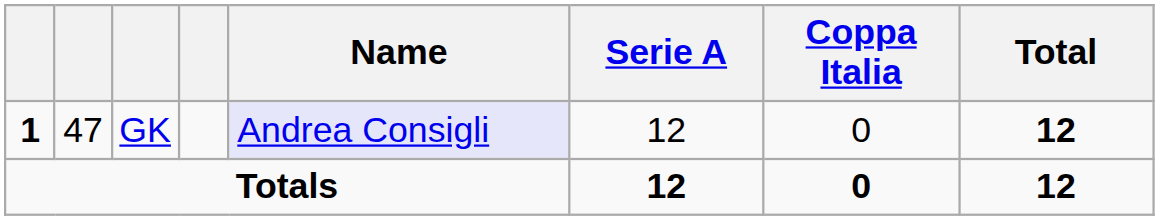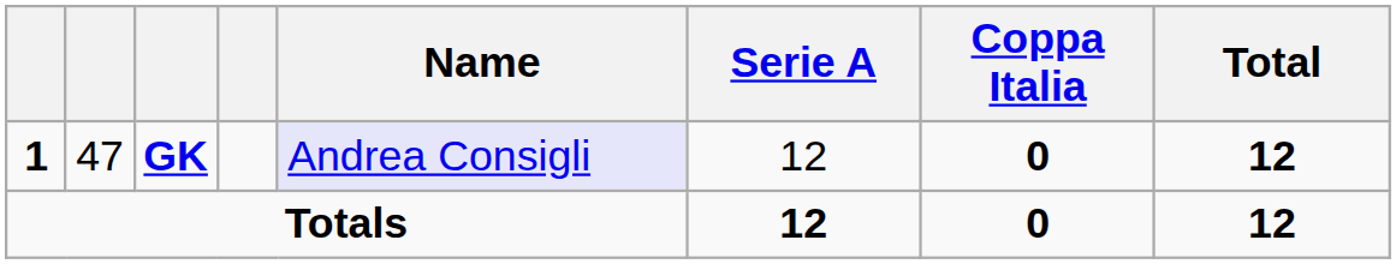 <table class="wikitable" style="text-align:center">
 <tr>
 <th width=15></th>
 <th width=15></th>
 <th width=15></th>
 <th width=15></th>
 <th width=145>Name</th>
 <th width=80><strong><a href='#'>Serie A</a></strong></th>
 <th width=80><strong><a href='#'>Coppa Italia</a></strong></th>
 <th width=80>Total</th>
 </tr>
 <tr>
 <td><strong>1</strong></td>
 <td>47</td>
-<td><a href='#'>GK</a></td>
+<td><strong><a href='#'>GK</a></strong></td>
 <td></td>
 <td align=left style="background: lavender;"><a href='#'>Andrea Consigli</a></td>
 <td>12</td>
-<td>0</td>
+<td><strong>0</strong></td>
 <td><strong>12</strong></td>
 </tr>
 <tr>
 <td colspan=5><strong>Totals</strong></td>
 <td><strong>12</strong></td>
 <td><strong>0</strong></td>
 <td><strong>12</strong></td>
 </tr>
 </table>
